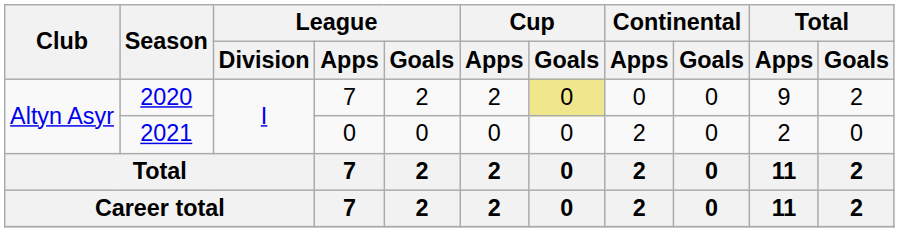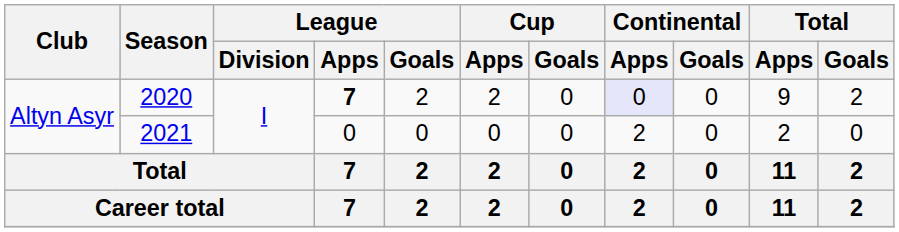 <table class="wikitable" style="text-align: center;">
 <tr>
 <th rowspan=2>Club</th>
 <th rowspan=2>Season</th>
 <th colspan=3>League</th>
 <th colspan=2>Cup</th>
 <th colspan=2>Continental</th>
 <th colspan=2>Total</th>
 </tr>
 <tr>
 <th>Division</th>
 <th>Apps</th>
 <th>Goals</th>
 <th>Apps</th>
 <th>Goals</th>
 <th>Apps</th>
 <th>Goals</th>
 <th>Apps</th>
 <th>Goals</th>
 </tr>
 <tr>
 <td rowspan=2><a href='#'>Altyn Asyr</a></td>
 <td><a href='#'>2020</a></td>
 <td rowspan=2><a href='#'>I</a></td>
-<td>7</td>
+<td><strong>7</strong></td>
 <td>2</td>
 <td>2</td>
-<td style="background: khaki;">0</td>
-<td 0>0</td>
+<td>0</td>
+<td 0 style="background: lavender;">0</td>
 <td>0</td>
 <td>9</td>
 <td>2</td>
 </tr>
 <tr>
 <td><a href='#'>2021</a></td>
 <td>0</td>
 <td>0</td>
 <td>0</td>
 <td>0</td>
 <td 0>2</td>
 <td>0</td>
 <td>2</td>
 <td>0</td>
 </tr>
 <tr>
 <th colspan="3">Total</th>
 <th>7</th>
 <th>2</th>
 <th>2</th>
 <th>0</th>
 <th>2</th>
 <th>0</th>
 <th>11</th>
 <th>2</th>
 </tr>
 <tr>
 <th colspan="3">Career total</th>
 <th>7</th>
 <th>2</th>
 <th>2</th>
 <th>0</th>
 <th>2</th>
 <th>0</th>
 <th>11</th>
 <th>2</th>
 </tr>
 <tr>
 </tr>
 </table>
